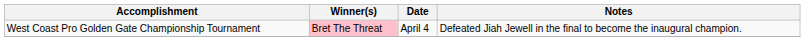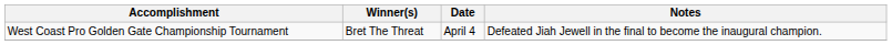 <table class="wikitable" style="width:100%;">
 <tr>
 <th>Accomplishment</th>
 <th>Winner(s)</th>
 <th>Date</th>
 <th>Notes</th>
 </tr>
 <tr>
 <td>West Coast Pro Golden Gate Championship Tournament</td>
-<td style="background: pink;">Bret The Threat</td>
+<td>Bret The Threat</td>
 <td>April 4</td>
 <td>Defeated Jiah Jewell in the final to become the inaugural champion.</td>
 </tr>
 <tr>
 </tr>
 </table>
